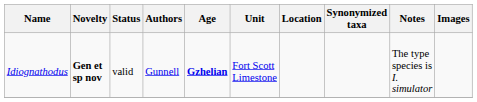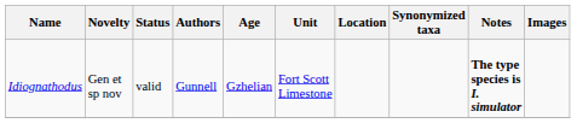 <table class="wikitable sortable" align="center" width="100%">
 <tr>
 <th>Name</th>
 <th>Novelty</th>
 <th>Status</th>
 <th>Authors</th>
 <th>Age</th>
 <th>Unit</th>
 <th>Location</th>
 <th>Synonymized taxa</th>
 <th>Notes</th>
 <th>Images</th>
 </tr>
 <tr>
 <td><br><em><a href='#'>Idiognathodus</a></em></td>
-<td><strong><br>Gen et sp nov</strong></td>
+<td><br>Gen et sp nov</td>
 <td><br>valid</td>
 <td><br><a href='#'>Gunnell</a></td>
-<td><strong><br><a href='#'>Gzhelian</a></strong></td>
+<td><br><a href='#'>Gzhelian</a></td>
 <td><br><a href='#'>Fort Scott Limestone</a></td>
 <td><br><br></td>
 <td></td>
-<td><br>The type species is <em>I. simulator</em></td>
+<td><strong><br>The type species is <em>I. simulator</em></strong></td>
 <td></td>
 </tr>
 <tr>
 </tr>
 </table>
